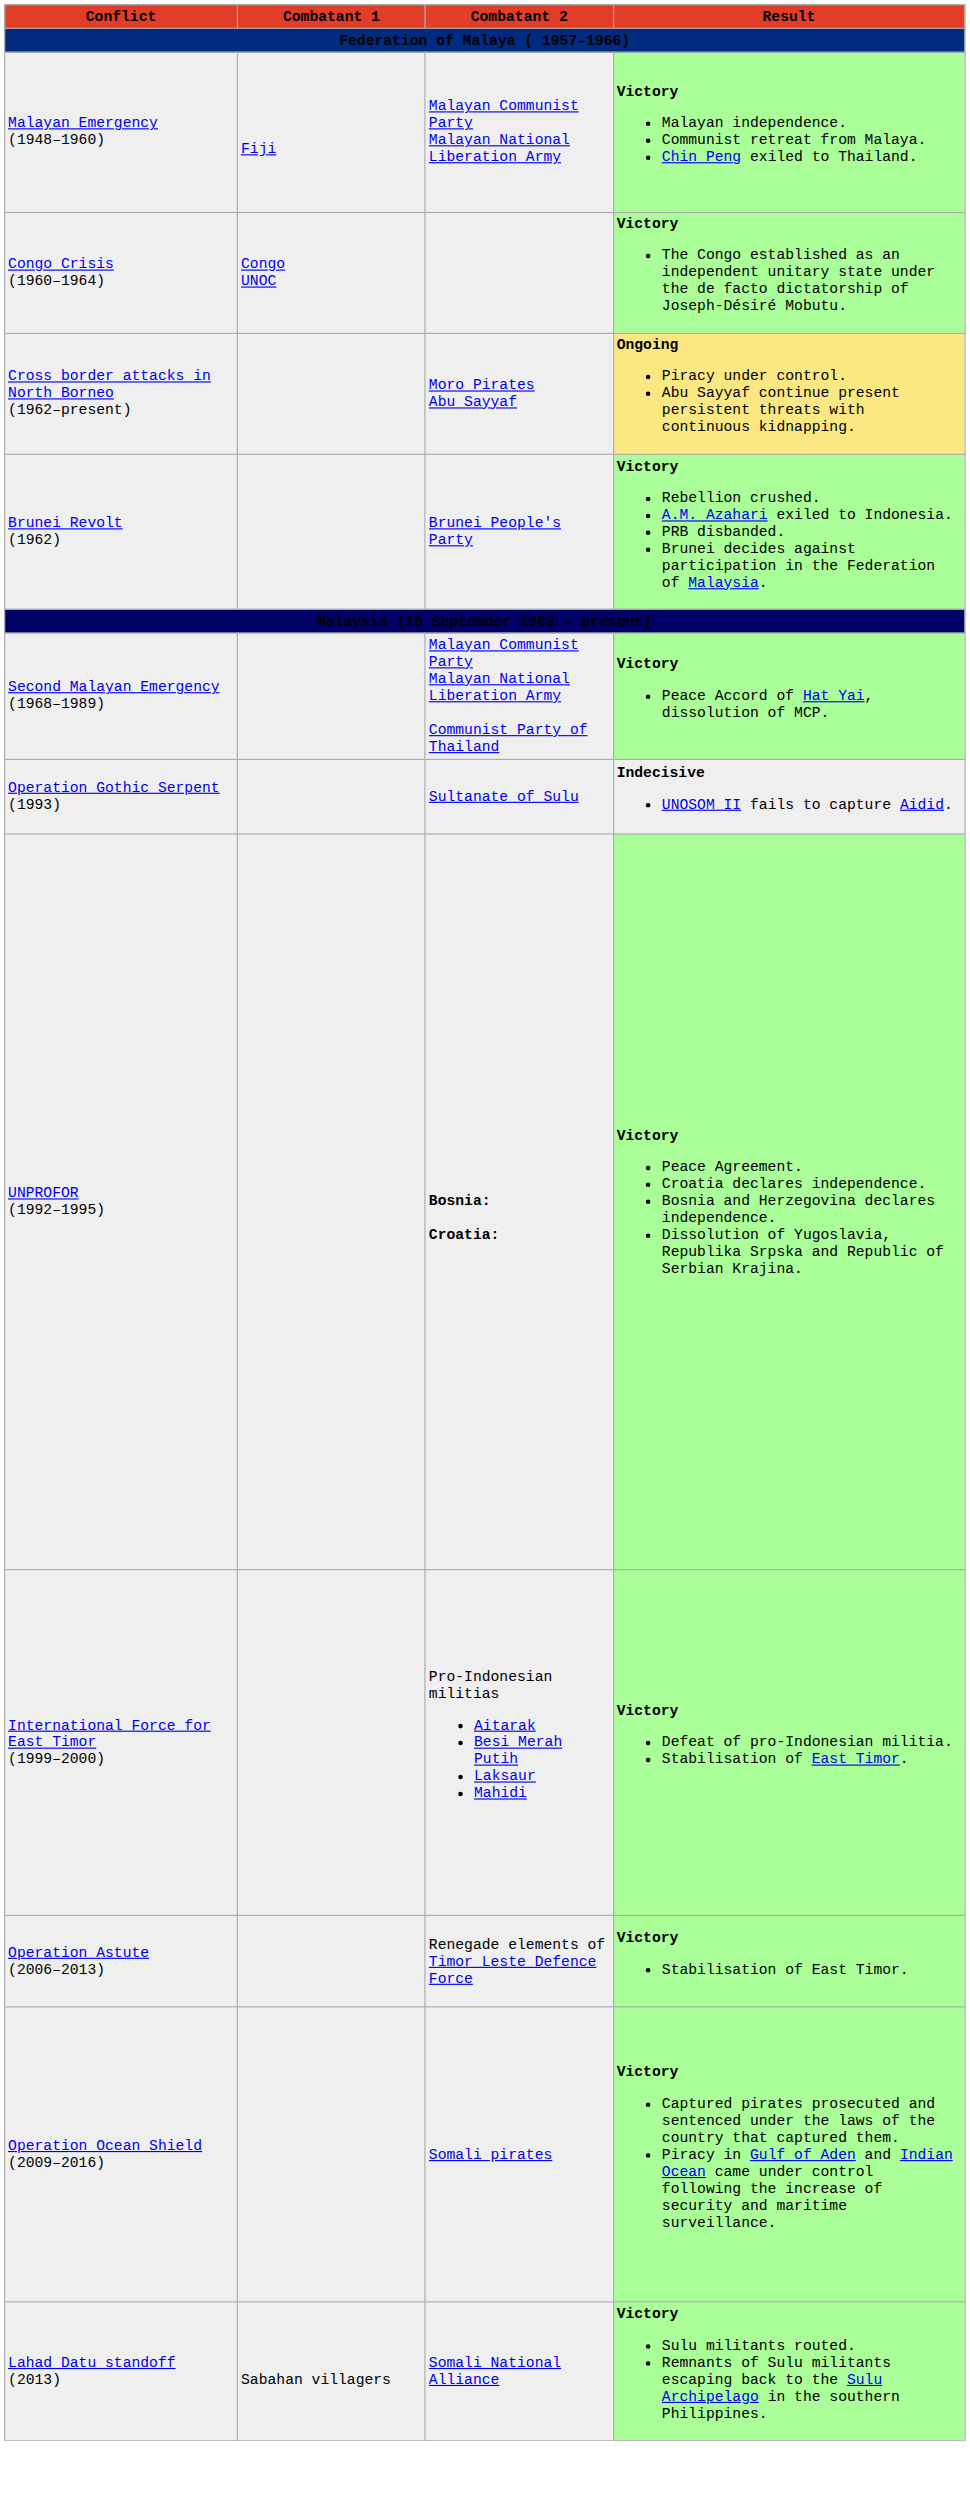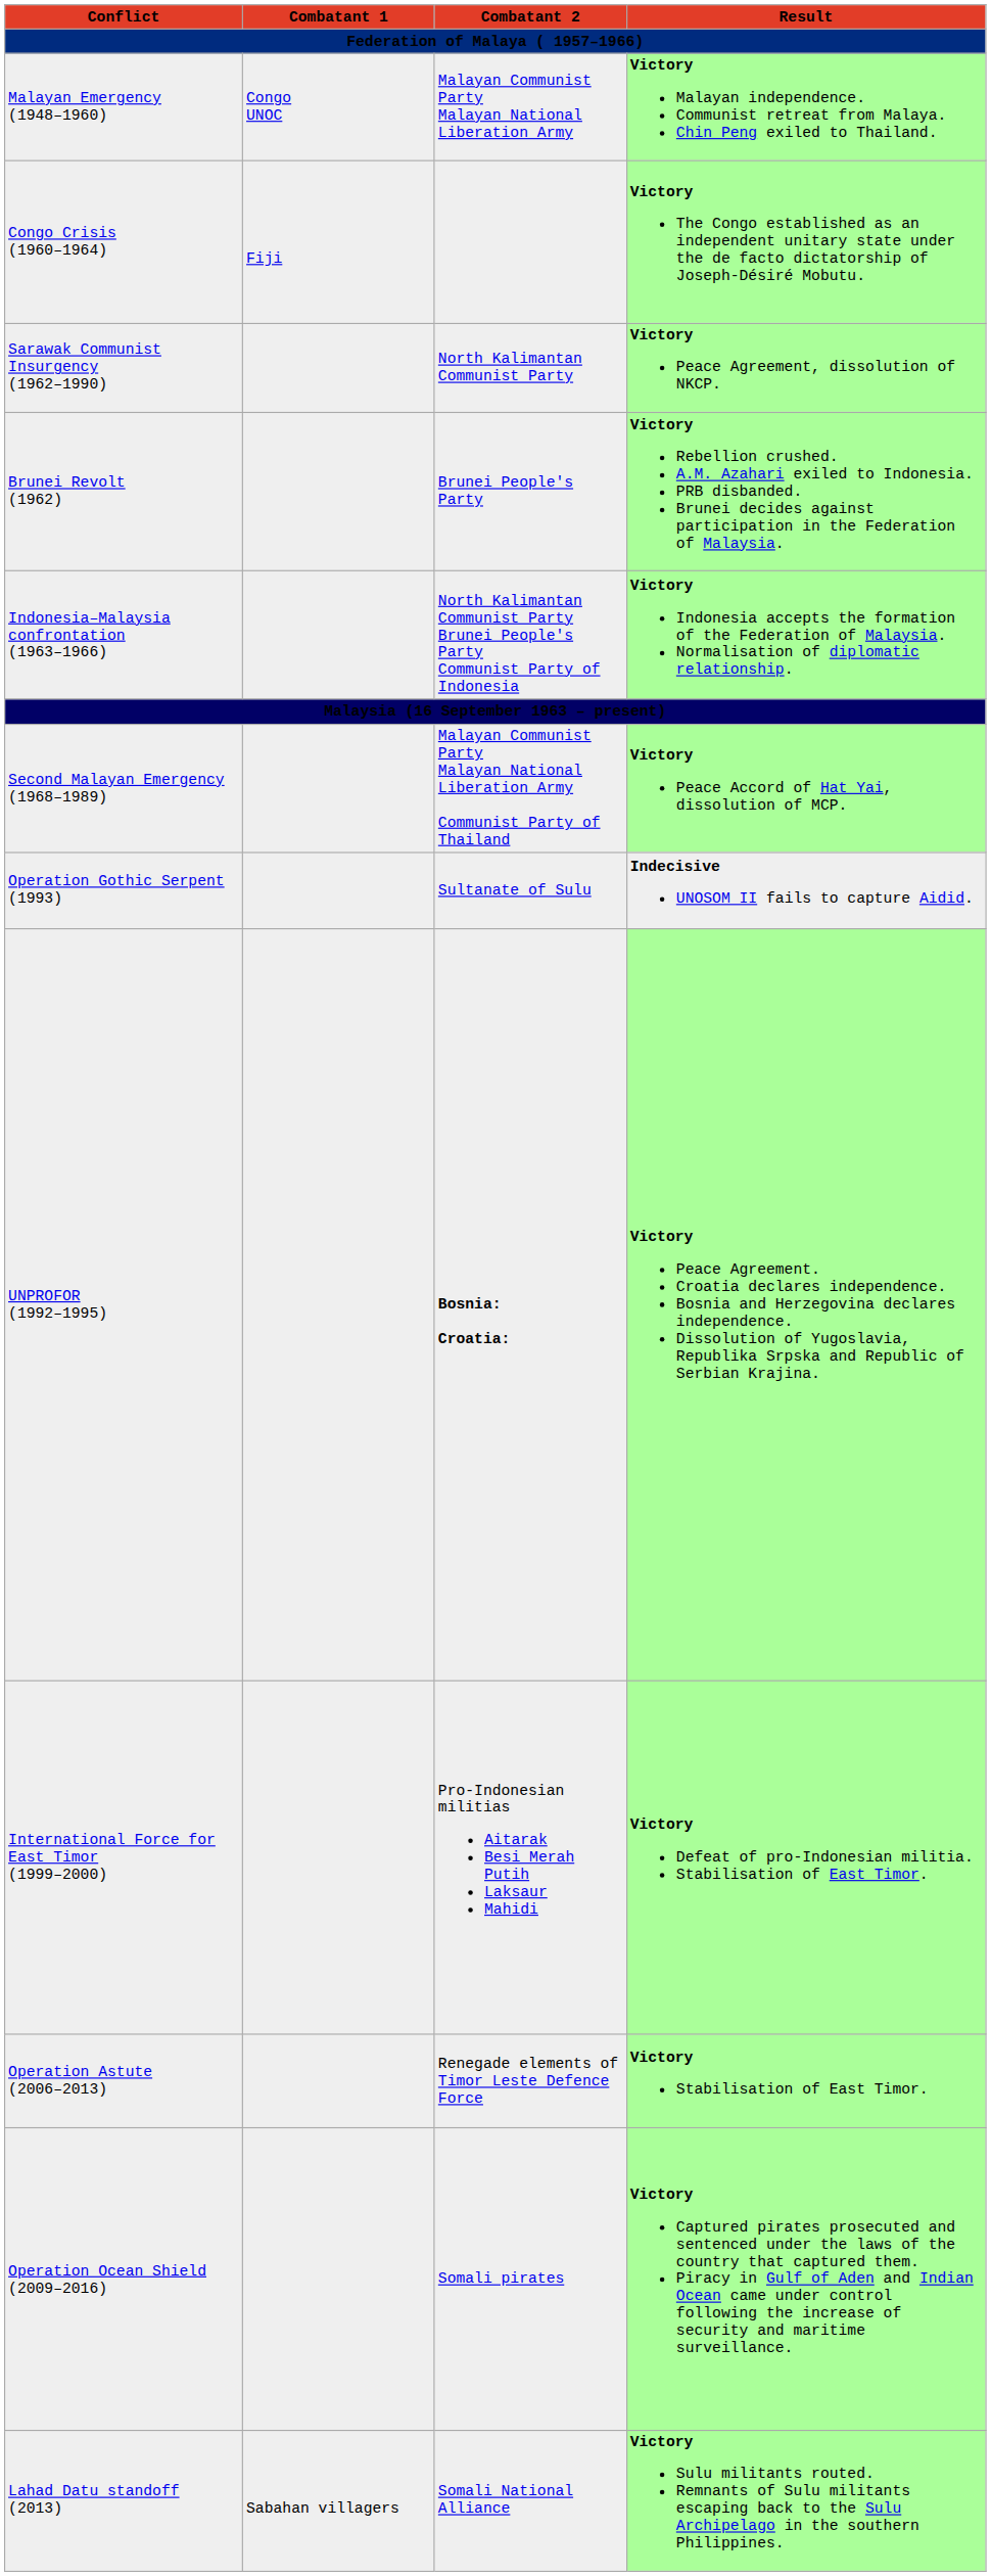 <table class="wikitable">
 <tr s>
 <th style="background:#E23D28" width="200"><span>Conflict</span></th>
 <th style="background:#E23D28" width="160"><span>Combatant 1</span></th>
 <th style="background:#E23D28" width="160"><span>Combatant 2</span></th>
 <th style="background:#E23D28" width="305"><span>Result</span></th>
 </tr>
 <tr>
 <th style="background:#002B7F" colspan="4"><span><strong>Federation of Malaya ( 1957–1966)</strong></span></th>
 </tr>
 <tr the first war>
 <td style="background:#efefef"><a href='#'>Malayan Emergency</a><br>(1948–1960)</td>
-<td style="background:#efefef"><br><strong></strong><br><br><br><br> <a href='#'>Fiji</a><br><br><br><br></td>
+<td style="background:#efefef"> <a href='#'>Congo</a><br> <a href='#'>UNOC</a><br><strong></strong></td>
 <td style="background:#efefef"> <a href='#'>Malayan Communist Party</a><br> <a href='#'>Malayan National Liberation Army</a></td>
 <td style="background:#AF9"><strong>Victory</strong><br><ul><li>Malayan independence.</li><li>Communist retreat from Malaya.</li><li><a href='#'>Chin Peng</a> exiled to Thailand.</li></ul></td>
 </tr>
 <tr>
 <td style="background:#efefef"><a href='#'>Congo Crisis</a><br>(1960–1964)</td>
-<td style="background:#efefef"> <a href='#'>Congo</a><br> <a href='#'>UNOC</a><br><strong></strong></td>
+<td style="background:#efefef"><br><strong></strong><br><br><br><br> <a href='#'>Fiji</a><br><br><br><br></td>
 <td style="background:#efefef"><br></td>
 <td style="background:#AF9"><strong>Victory</strong><br><ul><li>The Congo established as an independent unitary state under the de facto dictatorship of Joseph-Désiré Mobutu.</li></ul></td>
 </tr>
 <tr>
-<td style="background:#efefef"><a href='#'>Cross border attacks in North Borneo</a><br>(1962–present)</td>
-<td style="background:#efefef"><strong></strong><br></td>
-<td style="background:#efefef"> <a href='#'>Moro Pirates</a><br> <a href='#'>Abu Sayyaf</a><br></td>
-<td style="background:#FCE883"><strong>Ongoing</strong><br><ul><li>Piracy under control.</li><li>Abu Sayyaf continue present persistent threats with continuous kidnapping.</li></ul></td>
+<td style="background:#efefef"><a href='#'>Sarawak Communist Insurgency</a><br>(1962–1990)</td>
+<td style="background:#efefef"><br><strong></strong><br></td>
+<td style="background:#efefef"> <a href='#'>North Kalimantan Communist Party</a></td>
+<td style="background:#AF9"><strong>Victory</strong><br><ul><li>Peace Agreement, dissolution of NKCP.</li></ul></td>
 </tr>
 <tr>
 <td style="background:#efefef"><a href='#'>Brunei Revolt</a><br>(1962)</td>
 <td style="background:#efefef"><br><br><strong></strong></td>
 <td style="background:#efefef"> <a href='#'>Brunei People's Party</a></td>
 <td style="background:#AF9"><strong>Victory</strong><br><ul><li>Rebellion crushed.</li><li><a href='#'>A.M. Azahari</a> exiled to Indonesia.</li><li>PRB disbanded.</li><li>Brunei decides against participation in the Federation of <a href='#'>Malaysia</a>.</li></ul></td>
+</tr>
+<tr>
+<td style="background:#efefef"><a href='#'>Indonesia–Malaysia confrontation</a><br>(1963–1966)</td>
+<td style="background:#efefef"><strong></strong><br><br><br><br><br></td>
+<td style="background:#efefef"><br> <a href='#'>North Kalimantan Communist Party</a><br> <a href='#'>Brunei People's Party</a><br> <a href='#'>Communist Party of Indonesia</a></td>
+<td style="background:#AF9"><strong>Victory</strong><br><ul><li>Indonesia accepts the formation of the Federation of <a href='#'>Malaysia</a>.</li><li>Normalisation of <a href='#'>diplomatic relationship</a>.</li></ul></td>
 </tr>
 <tr>
 <th style="background:#010066" colspan="4"><span><strong>Malaysia (16 September 1963 – present)</strong></span></th>
 </tr>
 <tr>
 <td style="background:#efefef"><a href='#'>Second Malayan Emergency</a><br>(1968–1989)</td>
 <td style="background:#efefef"><strong></strong><br><br></td>
 <td style="background:#efefef"> <a href='#'>Malayan Communist Party</a><br> <a href='#'>Malayan National Liberation Army</a><br><br> <a href='#'>Communist Party of Thailand</a></td>
 <td style="background:#AF9"><strong>Victory</strong><br><ul><li>Peace Accord of <a href='#'>Hat Yai</a>, dissolution of MCP.</li></ul></td>
 </tr>
 <tr>
 <td style="background:#efefef"><a href='#'>Operation Gothic Serpent</a><br>(1993)</td>
 <td style="background:#efefef"><br><strong></strong><br><br><br></td>
 <td style="background:#efefef"> <a href='#'>Sultanate of Sulu</a></td>
 <td style="background:#efefef"><strong>Indecisive</strong><br><ul><li><a href='#'>UNOSOM II</a> fails to capture <a href='#'>Aidid</a>.</li></ul></td>
 </tr>
 <tr>
 <td style="background:#efefef"><a href='#'>UNPROFOR</a><br>(1992–1995)</td>
 <td style="background:#efefef"><br><br> <br> <br> <br> <br> <br> <br> <br> <br> <br> <br> <br> <br> <br> <br> <br> <br> <br> <br> <br> <br> <br> <br> <strong></strong><br> <br> <br> <br> <br> <br> <br> <br> <br> <br> <br> <br> <br> <br> <br> <br> <br> <br> <br> </td>
 <td style="background:#efefef"><br><br> <strong>Bosnia:</strong><br> <br> <strong>Croatia:</strong><br> </td>
 <td style="background:#AF9"><br><strong>Victory</strong><ul><li>Peace Agreement.</li><li>Croatia declares independence.</li><li>Bosnia and Herzegovina declares independence.</li><li>Dissolution of Yugoslavia, Republika Srpska and Republic of Serbian Krajina.</li></ul></td>
 </tr>
 <tr>
 <td style="background:#efefef"><a href='#'>International Force for East Timor</a><br>(1999–2000)</td>
 <td style="background:#efefef"><br><br><br><br><br><br><br><br><br><br><strong></strong><br><br><br><br><br><br><br><br><br><br></td>
 <td style="background:#efefef"> Pro-Indonesian militias<br><ul><li><a href='#'>Aitarak</a></li><li><a href='#'>Besi Merah Putih</a></li><li><a href='#'>Laksaur</a></li><li><a href='#'>Mahidi</a></li></ul></td>
 <td style="background:#AF9"><strong>Victory</strong><br><ul><li>Defeat of pro-Indonesian militia.</li><li>Stabilisation of <a href='#'>East Timor</a>.</li></ul></td>
 </tr>
 <tr>
 <td style="background:#efefef"><a href='#'>Operation Astute</a><br>(2006–2013)</td>
 <td style="background:#efefef"><br><br><strong></strong><br><br><br></td>
 <td style="background:#efefef"> Renegade elements of <a href='#'>Timor Leste Defence Force</a></td>
 <td style="background:#AF9"><strong>Victory</strong><br><ul><li>Stabilisation of East Timor.</li></ul></td>
 </tr>
 <tr>
 <td style="background:#efefef"><a href='#'>Operation Ocean Shield</a><br>(2009–2016)</td>
 <td style="background:#efefef"><br><br><br><br><br><br><br><strong></strong><br><br><br><br><br><br><br><br><br><br></td>
 <td style="background:#efefef"> <a href='#'>Somali pirates</a></td>
 <td style="background:#AF9"><strong>Victory</strong><br><ul><li>Captured pirates prosecuted and sentenced under the laws of the country that captured them.</li><li>Piracy in <a href='#'>Gulf of Aden</a> and <a href='#'>Indian Ocean</a> came under control following the increase of security and maritime surveillance.</li></ul></td>
 </tr>
 <tr>
 <td style="background:#efefef"><a href='#'>Lahad Datu standoff</a><br>(2013)</td>
 <td style="background:#efefef"><strong></strong><br> Sabahan villagers</td>
 <td style="background:#efefef"> <a href='#'>Somali National Alliance</a></td>
 <td style="background:#AF9"><strong>Victory</strong><br><ul><li>Sulu militants routed.</li><li>Remnants of Sulu militants escaping back to the <a href='#'>Sulu Archipelago</a> in the southern Philippines.</li></ul></td>
 </tr>
 </table>
